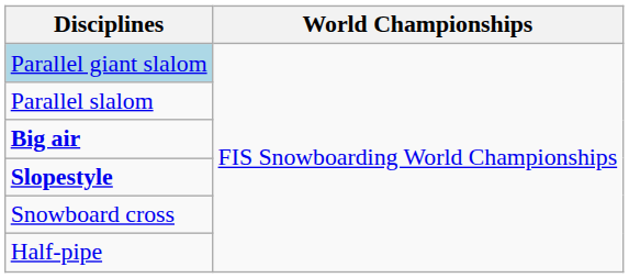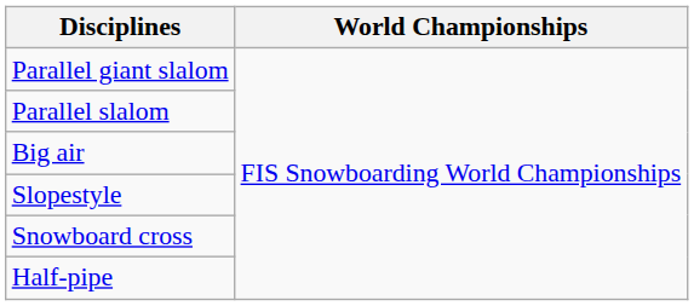 <table class="wikitable" style="display:inline-table;">
 <tr>
 <th>Disciplines</th>
 <th>World Championships</th>
 </tr>
 <tr>
-<td style="background: lightblue;"><a href='#'>Parallel giant slalom</a></td>
+<td><a href='#'>Parallel giant slalom</a></td>
 <td rowspan="6"><a href='#'>FIS Snowboarding World Championships</a></td>
 </tr>
 <tr>
 <td><a href='#'>Parallel slalom</a></td>
 </tr>
 <tr>
-<td><strong><a href='#'>Big air</a></strong></td>
+<td><a href='#'>Big air</a></td>
 </tr>
 <tr>
-<td><strong><a href='#'>Slopestyle</a></strong></td>
+<td><a href='#'>Slopestyle</a></td>
 </tr>
 <tr>
 <td><a href='#'>Snowboard cross</a></td>
 </tr>
 <tr>
 <td><a href='#'>Half-pipe</a></td>
 </tr>
 </table>
